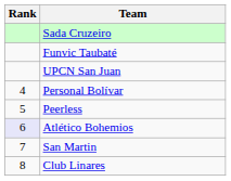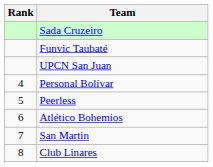 <table class="wikitable" style="text-align: center;">
 <tr>
 <th width=40>Rank</th>
 <th width=240>Team</th>
 </tr>
 <tr bgcolor=#ccffcc>
 <td></td>
 <td align=left> <a href='#'>Sada Cruzeiro</a></td>
 </tr>
 <tr>
 <td></td>
 <td align=left> <a href='#'>Funvic Taubaté</a></td>
 </tr>
 <tr>
 <td></td>
 <td align=left> <a href='#'>UPCN San Juan</a></td>
 </tr>
 <tr>
 <td>4</td>
 <td align=left> <a href='#'>Personal Bolívar</a></td>
 </tr>
 <tr>
 <td>5</td>
 <td align=left> <a href='#'>Peerless</a></td>
 </tr>
 <tr>
-<td style="background: lavender;">6</td>
+<td>6</td>
 <td align=left> <a href='#'>Atlético Bohemios</a></td>
 </tr>
 <tr>
 <td>7</td>
 <td align=left> <a href='#'>San Martin</a></td>
 </tr>
 <tr>
 <td>8</td>
 <td align=left> <a href='#'>Club Linares</a></td>
 </tr>
 </table>
